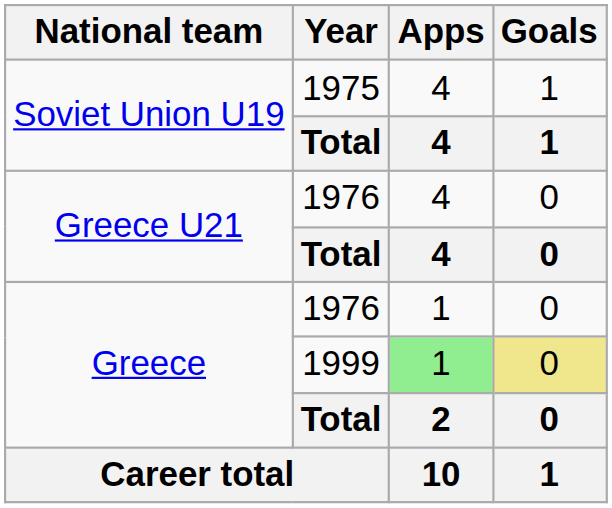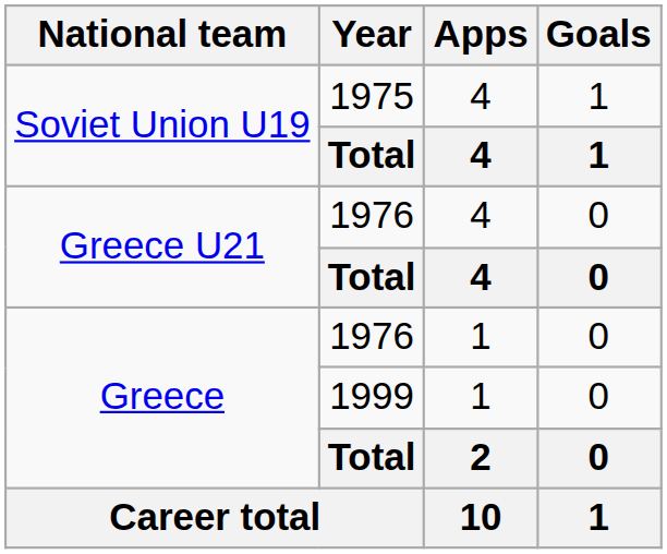 <table class="wikitable" style="text-align:center">
 <tr>
 <th>National team</th>
 <th>Year</th>
 <th>Apps</th>
 <th>Goals</th>
 </tr>
 <tr>
 <td rowspan="2"><a href='#'>Soviet Union U19</a></td>
 <td>1975</td>
 <td>4</td>
 <td>1</td>
 </tr>
 <tr>
 <th>Total</th>
 <th>4</th>
 <th>1</th>
 </tr>
 <tr>
 <td rowspan="2"><a href='#'>Greece U21</a></td>
 <td>1976</td>
 <td>4</td>
 <td>0</td>
 </tr>
 <tr>
 <th>Total</th>
 <th>4</th>
 <th>0</th>
 </tr>
 <tr>
 <td rowspan="3"><a href='#'>Greece</a></td>
 <td>1976</td>
 <td>1</td>
 <td>0</td>
 </tr>
 <tr>
 <td>1999</td>
-<td style="background: lightgreen;">1</td>
-<td style="background: khaki;">0</td>
+<td>1</td>
+<td>0</td>
 </tr>
 <tr>
 <th>Total</th>
 <th>2</th>
 <th>0</th>
 </tr>
 <tr>
 <th colspan="2">Career total</th>
 <th>10</th>
 <th>1</th>
 </tr>
 </table>
